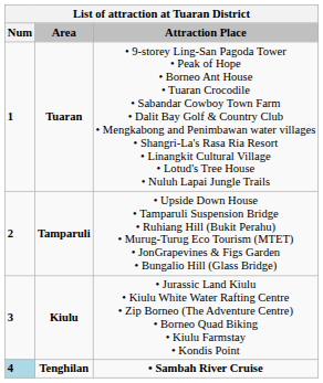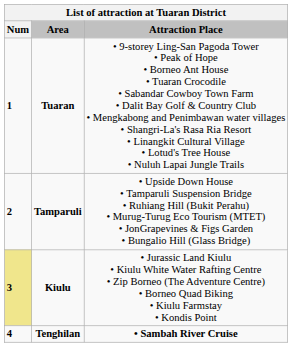 <table class="wikitable" width="auto" style="text-align: center">
 <tr>
 <th colspan="6">List of attraction at Tuaran District</th>
 </tr>
 <tr style="background:#efefef;">
 <th><strong>Num</strong></th>
 <td style="background: silver"><strong>Area</strong></td>
 <td style="background: silver"><strong>Attraction Place</strong></td>
 </tr>
 <tr>
 <td style="text-align:left;"><strong>1</strong></td>
 <td style="text-align:center;"><strong>Tuaran</strong></td>
 <td style="text-align:center;">• 9-storey Ling-San Pagoda Tower<br>• Peak of Hope<br>• Borneo Ant House<br>• Tuaran Crocodile<br>• Sabandar Cowboy Town Farm<br>• Dalit Bay Golf & Country Club<br>• Mengkabong and Penimbawan water villages<br>• Shangri-La's Rasa Ria Resort<br>• Linangkit Cultural Village<br>• Lotud's Tree House<br>• Nuluh Lapai Jungle Trails</td>
 </tr>
 <tr>
 <td style="text-align:left;"><strong>2</strong></td>
 <td style="text-align:center;"><strong>Tamparuli</strong></td>
 <td style="text-align:center;">• Upside Down House<br>• Tamparuli Suspension Bridge<br>• Ruhiang Hill (Bukit Perahu)<br>• Murug-Turug Eco Tourism (MTET)<br>• JonGrapevines & Figs Garden<br>• Bungalio Hill (Glass Bridge)</td>
 </tr>
 <tr>
-<td style="text-align:left;"><strong>3</strong></td>
+<td style="background: khaki; text-align:left;"><strong>3</strong></td>
 <td style="text-align:center;"><strong>Kiulu</strong></td>
 <td style="text-align:center;">• Jurassic Land Kiulu<br>• Kiulu White Water Rafting Centre<br>• Zip Borneo (The Adventure Centre)<br>• Borneo Quad Biking<br>• Kiulu Farmstay<br>• Kondis Point</td>
 </tr>
 <tr>
-<td style="background: lightblue; text-align:left;"><strong>4</strong></td>
+<td style="text-align:left;"><strong>4</strong></td>
 <td style="text-align:center;"><strong>Tenghilan</strong></td>
 <td style="text-align:center;"><strong>• Sambah River Cruise</strong></td>
 </tr>
 </table>
